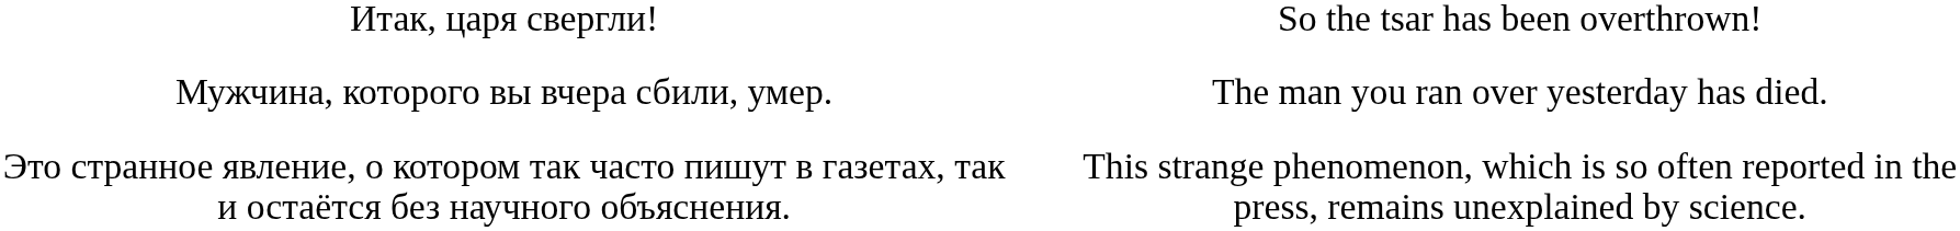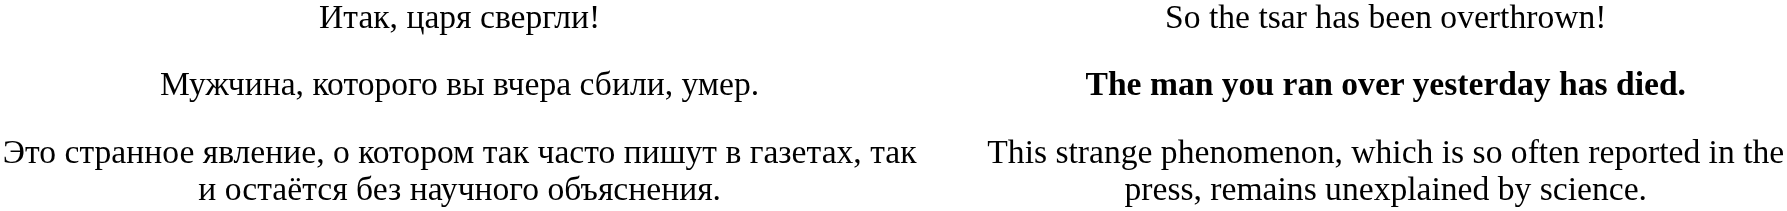 <table align=center cellpadding=6   style="text-align:center">
 <tr>
 <td>Итак, царя свергли!</td>
 <td>So the tsar has been overthrown!</td>
 </tr>
 <tr>
 <td>Мужчина, которого вы вчера сбили, умер.</td>
-<td>The man you ran over yesterday has died.</td>
+<td><strong>The man you ran over yesterday has died.</strong></td>
 </tr>
 <tr>
 <td>Это странное явление, о котором так часто пишут в газетах, так и остаётся без научного объяснения.</td>
 <td>This strange phenomenon, which is so often reported in the press, remains unexplained by science.</td>
 </tr>
 </table>
